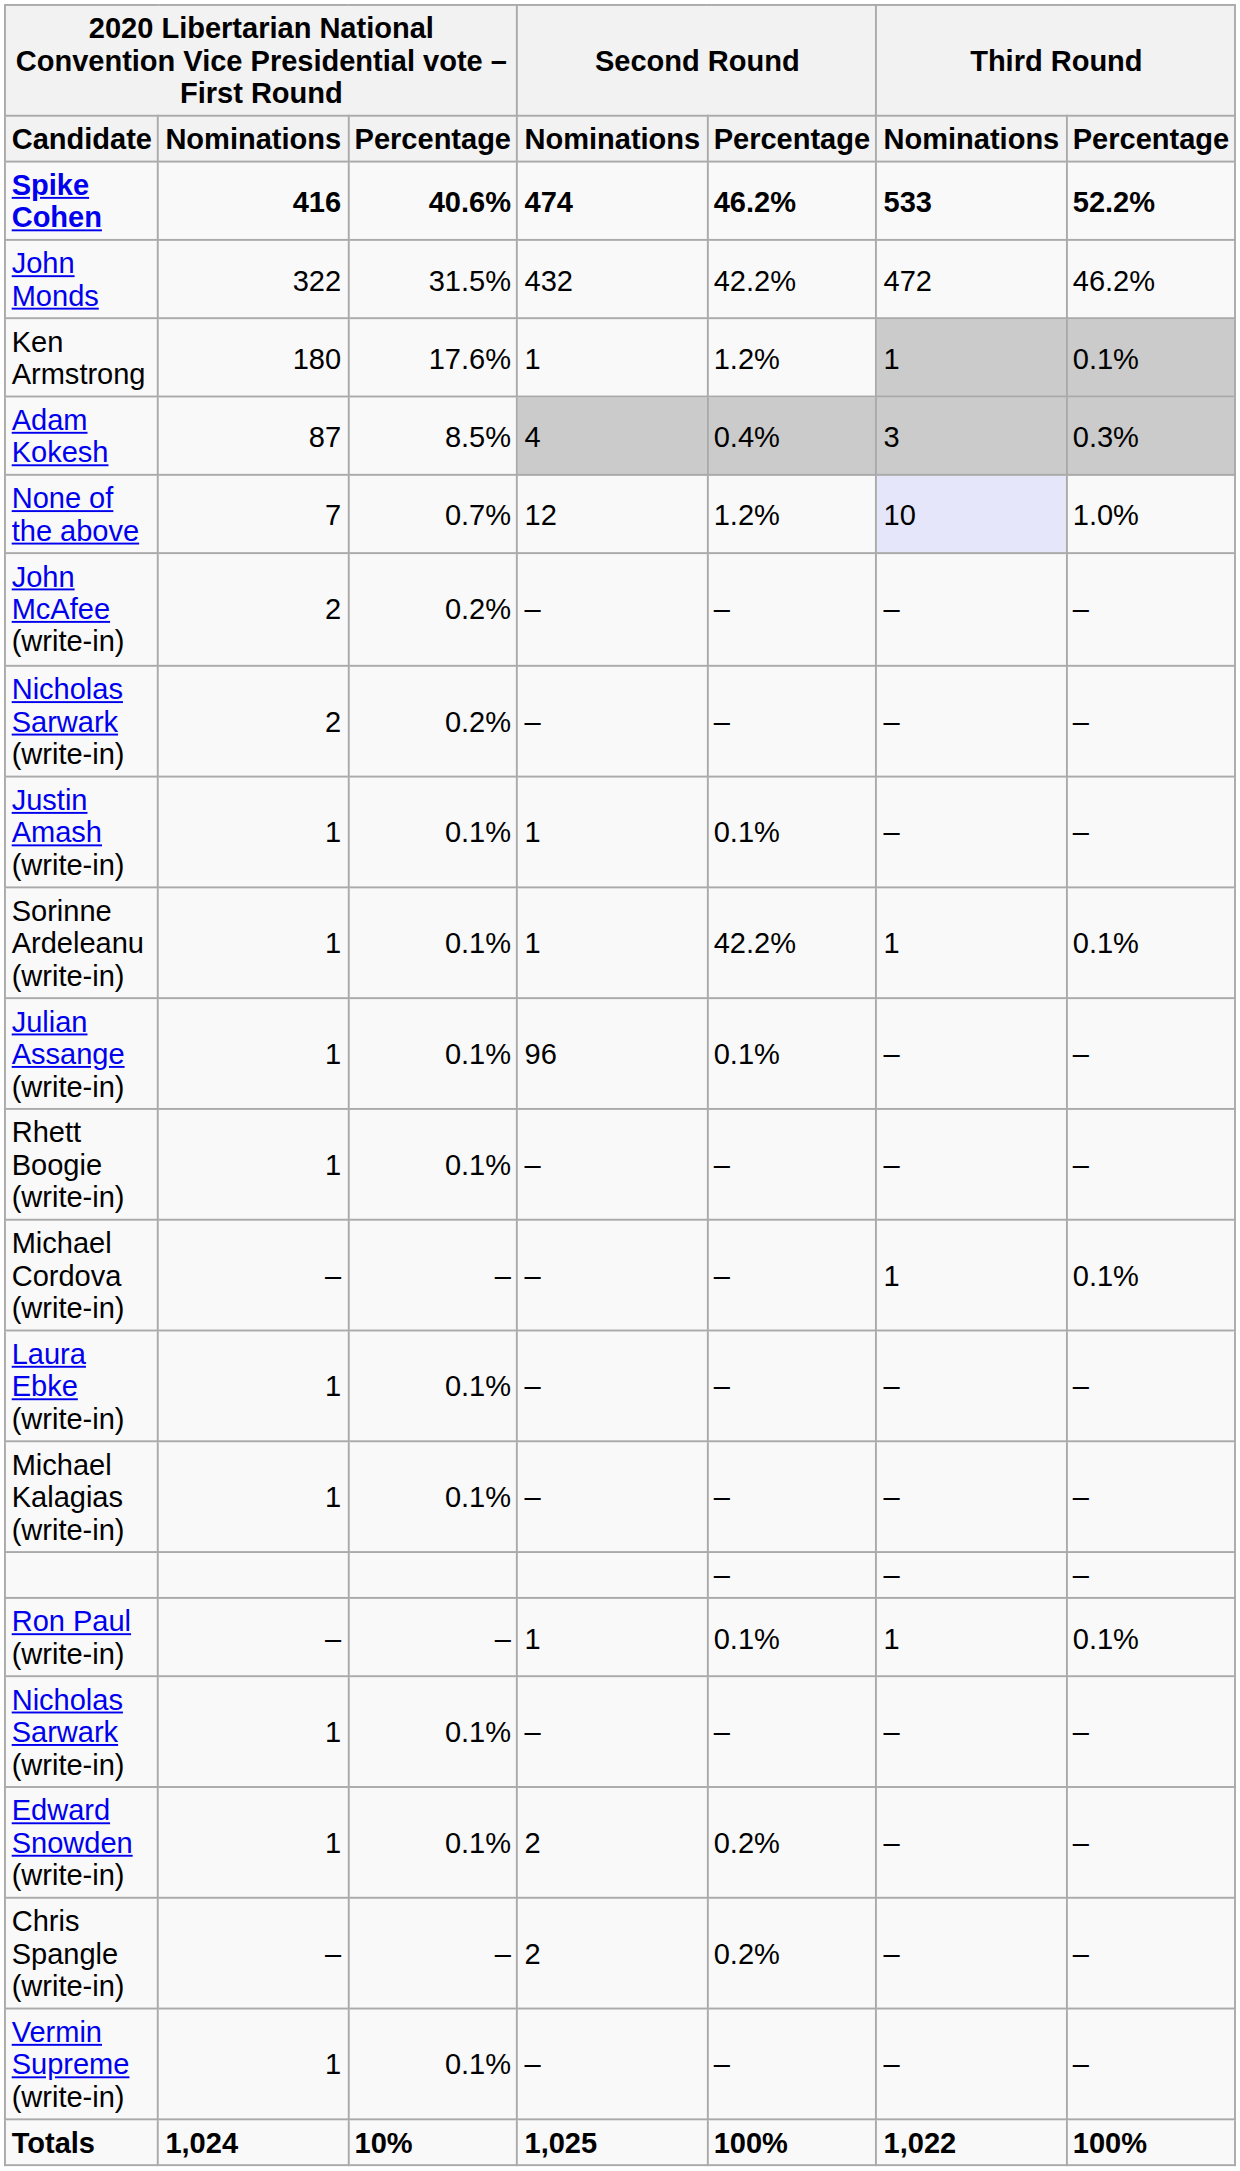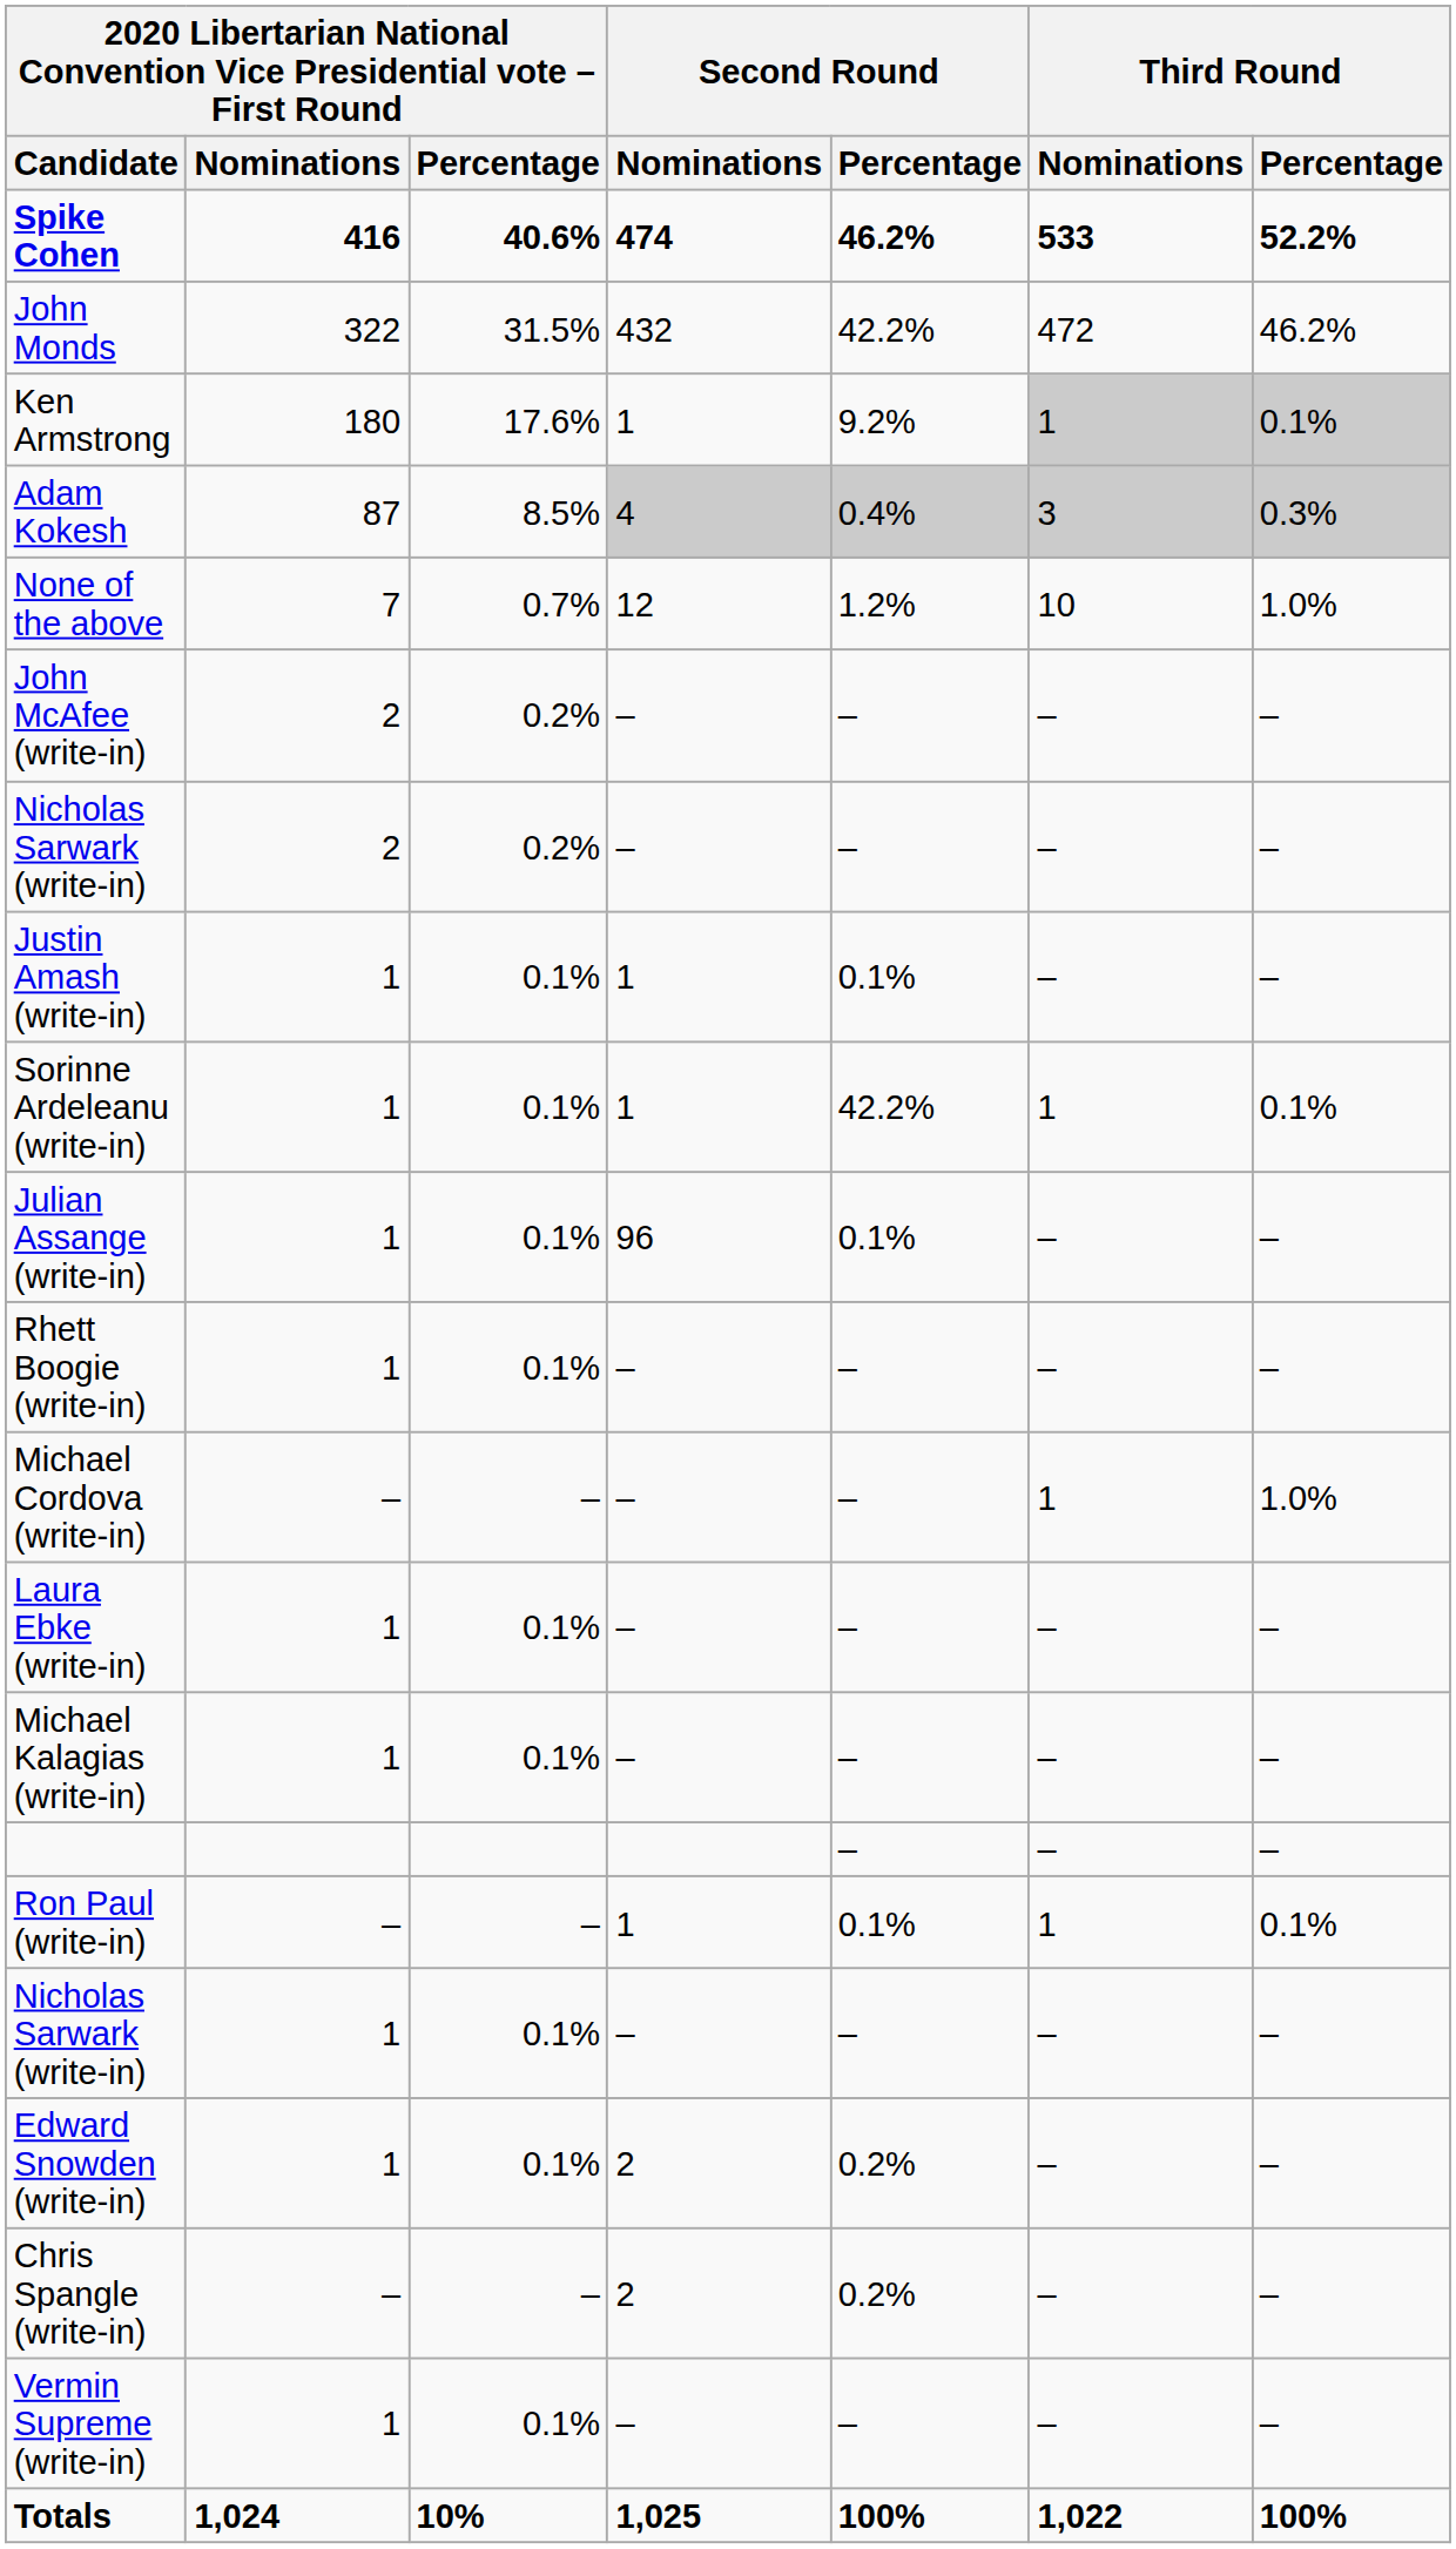 <table class="wikitable" style="font-size:95%">
 <tr>
 <th colspan="3">2020 Libertarian National Convention Vice Presidential vote – First Round</th>
 <th colspan="2">Second Round</th>
 <th colspan="2">Third Round</th>
 </tr>
 <tr>
 <th style="width: 17em">Candidate</th>
 <th style="width: 5em">Nominations</th>
 <th style="width: 7em">Percentage</th>
 <th>Nominations</th>
 <th>Percentage</th>
 <th>Nominations</th>
 <th>Percentage</th>
 </tr>
 <tr>
 <td><strong><a href='#'>Spike Cohen</a></strong></td>
 <td style="text-align:right;"><strong>416</strong></td>
 <td style="text-align:right;"><strong>40.6%</strong></td>
 <td><strong>474</strong></td>
 <td><strong>46.2%</strong></td>
 <td><strong>533</strong></td>
 <td><strong>52.2%</strong></td>
 </tr>
 <tr>
 <td><a href='#'>John Monds</a></td>
 <td style="text-align:right;">322</td>
 <td style="text-align:right;">31.5%</td>
 <td>432</td>
 <td>42.2%</td>
 <td>472</td>
 <td>46.2%</td>
 </tr>
 <tr>
 <td>Ken Armstrong</td>
 <td style="text-align:right;">180</td>
 <td style="text-align:right;">17.6%</td>
 <td>1</td>
-<td>1.2%</td>
+<td>9.2%</td>
 <td style="background:#cbcbcb">1</td>
 <td style="background:#cbcbcb">0.1%</td>
 </tr>
 <tr>
 <td><a href='#'>Adam Kokesh</a></td>
 <td style="text-align:right">87</td>
 <td style="text-align:right">8.5%</td>
 <td style="background:#cbcbcb">4</td>
 <td style="background:#cbcbcb">0.4%</td>
 <td style="background:#cbcbcb">3</td>
 <td style="background:#cbcbcb">0.3%</td>
 </tr>
 <tr>
 <td><a href='#'>None of the above</a></td>
 <td style="text-align:right;">7</td>
 <td style="text-align:right;">0.7%</td>
 <td>12</td>
 <td>1.2%</td>
-<td style="background: lavender;">10</td>
+<td>10</td>
 <td>1.0%</td>
 </tr>
 <tr>
 <td><a href='#'>John McAfee</a> (write-in)</td>
 <td style="text-align:right;">2</td>
 <td style="text-align:right;">0.2%</td>
 <td>–</td>
 <td>–</td>
 <td>–</td>
 <td>–</td>
 </tr>
 <tr>
 <td><a href='#'>Nicholas Sarwark</a> (write-in)</td>
 <td style="text-align:right;">2</td>
 <td style="text-align:right;">0.2%</td>
 <td>–</td>
 <td>–</td>
 <td>–</td>
 <td>–</td>
 </tr>
 <tr>
 <td><a href='#'>Justin Amash</a> (write-in)</td>
 <td style="text-align:right;">1</td>
 <td style="text-align:right;">0.1%</td>
 <td>1</td>
 <td>0.1%</td>
 <td>–</td>
 <td>–</td>
 </tr>
 <tr>
 <td>Sorinne Ardeleanu (write-in)</td>
 <td style="text-align:right;">1</td>
 <td style="text-align:right;">0.1%</td>
 <td>1</td>
 <td>42.2%</td>
 <td>1</td>
 <td>0.1%</td>
 </tr>
 <tr>
 <td><a href='#'>Julian Assange</a> (write-in)</td>
 <td style="text-align:right;">1</td>
 <td style="text-align:right;">0.1%</td>
 <td>96</td>
 <td>0.1%</td>
 <td>–</td>
 <td>–</td>
 </tr>
 <tr>
 <td>Rhett Boogie (write-in)</td>
 <td style="text-align:right;">1</td>
 <td style="text-align:right;">0.1%</td>
 <td>–</td>
 <td>–</td>
 <td>–</td>
 <td>–</td>
 </tr>
 <tr>
 <td>Michael Cordova (write-in)</td>
 <td style="text-align:right;">–</td>
 <td style="text-align:right;">–</td>
 <td>–</td>
 <td>–</td>
 <td>1</td>
-<td>0.1%</td>
+<td>1.0%</td>
 </tr>
 <tr>
 <td><a href='#'>Laura Ebke</a> (write-in)</td>
 <td style="text-align:right;">1</td>
 <td style="text-align:right;">0.1%</td>
 <td>–</td>
 <td>–</td>
 <td>–</td>
 <td>–</td>
 </tr>
 <tr>
 <td>Michael Kalagias (write-in)</td>
 <td style="text-align:right;">1</td>
 <td style="text-align:right;">0.1%</td>
 <td>–</td>
 <td>–</td>
 <td>–</td>
 <td>–</td>
 </tr>
 <tr>
 <td></td>
 <td style="text-align:right;"></td>
 <td style="text-align:right;"></td>
 <td></td>
 <td>–</td>
 <td>–</td>
 <td>–</td>
 </tr>
 <tr>
 <td><a href='#'>Ron Paul</a> (write-in)</td>
 <td style="text-align:right;">–</td>
 <td style="text-align:right;">–</td>
 <td>1</td>
 <td>0.1%</td>
 <td>1</td>
 <td>0.1%</td>
 </tr>
 <tr>
 <td><a href='#'>Nicholas Sarwark</a> (write-in)</td>
 <td style="text-align:right;">1</td>
 <td style="text-align:right;">0.1%</td>
 <td>–</td>
 <td>–</td>
 <td>–</td>
 <td>–</td>
 </tr>
 <tr>
 <td><a href='#'>Edward Snowden</a> (write-in)</td>
 <td style="text-align:right;">1</td>
 <td style="text-align:right;">0.1%</td>
 <td>2</td>
 <td>0.2%</td>
 <td>–</td>
 <td>–</td>
 </tr>
 <tr>
 <td>Chris Spangle (write-in)</td>
 <td style="text-align:right;">–</td>
 <td style="text-align:right;">–</td>
 <td>2</td>
 <td>0.2%</td>
 <td>–</td>
 <td>–</td>
 </tr>
 <tr>
 <td><a href='#'>Vermin Supreme</a> (write-in)</td>
 <td style="text-align:right;">1</td>
 <td style="text-align:right;">0.1%</td>
 <td>–</td>
 <td>–</td>
 <td>–</td>
 <td>–</td>
 </tr>
 <tr>
 <td><strong>Totals</strong></td>
 <td><strong>1,024</strong></td>
 <td><strong>10%</strong></td>
 <td><strong>1,025</strong></td>
 <td><strong>100%</strong></td>
 <td><strong>1,022</strong></td>
 <td><strong>100%</strong></td>
 </tr>
 </table>
